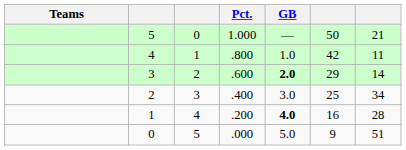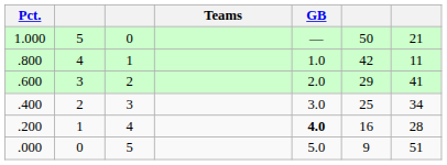 <table class="wikitable" style="text-align:center;">
 <tr>
-<th width=150px>Teams</th>
+<th width=50px><a href='#'>Pct.</a></th>
 <th width=50px></th>
 <th width=50px></th>
-<th width=50px><a href='#'>Pct.</a></th>
+<th width=150px>Teams</th>
 <th width=50px><a href='#'>GB</a></th>
 <th width=50px></th>
 <th width=50px></th>
 </tr>
 <tr style="background-color:#ccffcc">
-<td align=left></td>
+<td>1.000</td>
 <td>5</td>
 <td>0</td>
-<td>1.000</td>
+<td align=left></td>
 <td>—</td>
 <td>50</td>
 <td>21</td>
 </tr>
 <tr style="background-color:#ccffcc">
-<td align=left></td>
+<td>.800</td>
 <td>4</td>
 <td>1</td>
-<td>.800</td>
+<td align=left></td>
 <td>1.0</td>
 <td>42</td>
 <td>11</td>
 </tr>
 <tr style="background-color:#ccffcc">
-<td align=left></td>
+<td>.600</td>
 <td>3</td>
 <td>2</td>
-<td>.600</td>
-<td><strong>2.0</strong></td>
+<td align=left></td>
+<td>2.0</td>
 <td>29</td>
-<td>14</td>
+<td>41</td>
 </tr>
 <tr style="background-color:">
-<td align=left></td>
+<td>.400</td>
 <td>2</td>
 <td>3</td>
-<td>.400</td>
+<td align=left></td>
 <td>3.0</td>
 <td>25</td>
 <td>34</td>
 </tr>
 <tr style="background-color:">
-<td align=left></td>
+<td>.200</td>
 <td>1</td>
 <td>4</td>
-<td>.200</td>
+<td align=left></td>
 <td><strong>4.0</strong></td>
 <td>16</td>
 <td>28</td>
 </tr>
 <tr style="background-color:">
-<td align=left></td>
+<td>.000</td>
 <td>0</td>
 <td>5</td>
-<td>.000</td>
+<td align=left></td>
 <td>5.0</td>
 <td>9</td>
 <td>51</td>
 </tr>
 </table>
